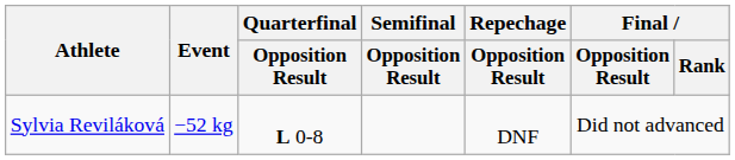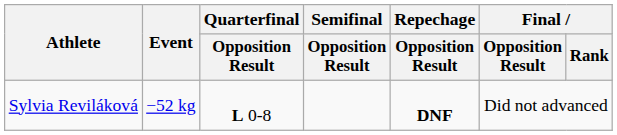 <table class="wikitable" style="font-size:90%">
 <tr>
 <th rowspan="2">Athlete</th>
 <th rowspan="2">Event</th>
 <th>Quarterfinal</th>
 <th>Semifinal</th>
 <th>Repechage</th>
 <th colspan=2>Final / </th>
 </tr>
 <tr style="font-size: 95%">
 <th>Opposition<br>Result</th>
 <th>Opposition<br>Result</th>
 <th>Opposition<br>Result</th>
 <th>Opposition<br>Result</th>
 <th>Rank</th>
 </tr>
 <tr align=center>
 <td align=left><a href='#'>Sylvia Reviláková</a></td>
 <td align=left><a href='#'>−52 kg</a></td>
 <td> <br><strong>L</strong> 0-8</td>
 <td></td>
-<td> <br>DNF</td>
+<td><strong> <br>DNF</strong></td>
 <td colspan=2>Did not advanced</td>
 </tr>
 </table>
